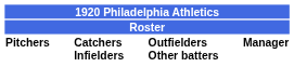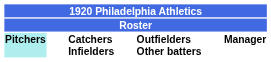 <table class="toccolours" style="font-size: 95%;">
 <tr>
 <th colspan="10" style="background-color: #4169e1; color: white; text-align: center;">1920 Philadelphia Athletics</th>
 </tr>
 <tr>
 <td colspan="10" style="background-color: #4169e1; color: white; text-align: center;"><strong>Roster</strong></td>
 </tr>
 <tr>
-<td valign="top"><strong>Pitchers</strong><br>             </td>
+<td valign="top" style="background: paleturquoise;"><strong>Pitchers</strong><br>             </td>
 <td width="25px"></td>
 <td valign="top"><strong>Catchers</strong><br>    <strong>Infielders</strong>         </td>
 <td width="25px"></td>
 <td valign="top"><strong>Outfielders</strong><br>          <strong>Other batters</strong> </td>
 <td width="25px"></td>
 <td valign="top"><strong>Manager</strong><br></td>
 </tr>
 </table>
